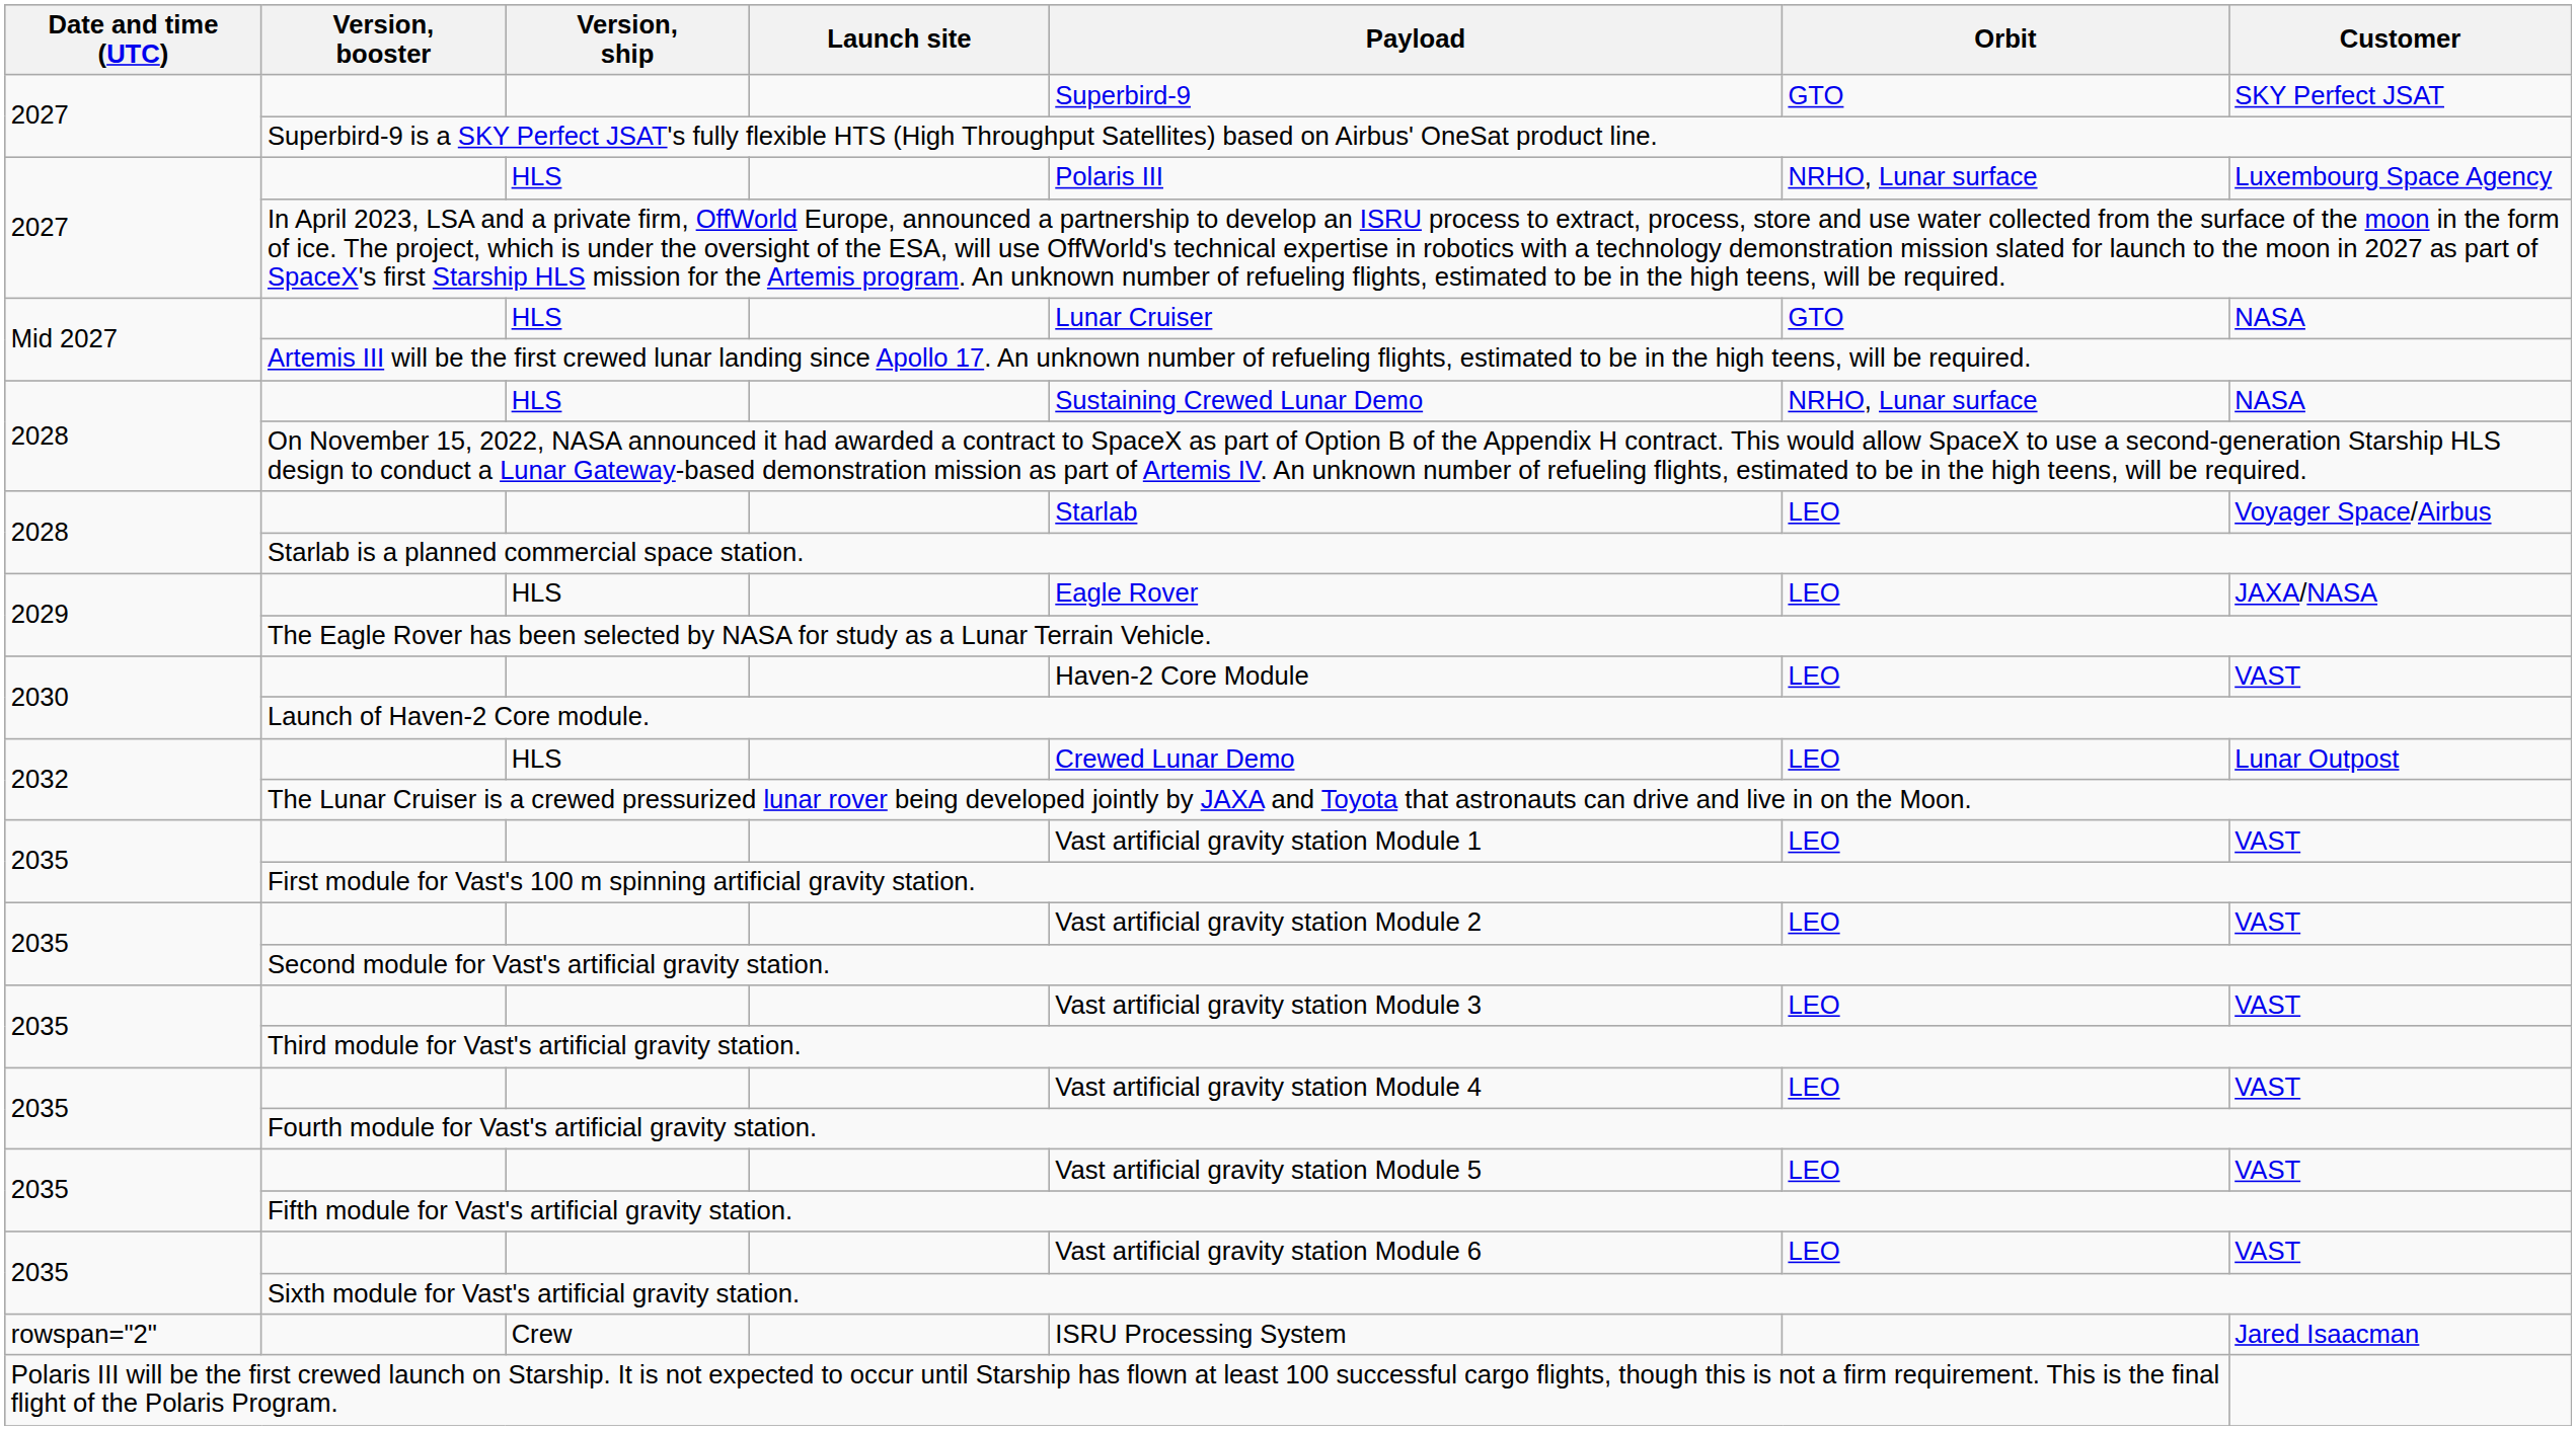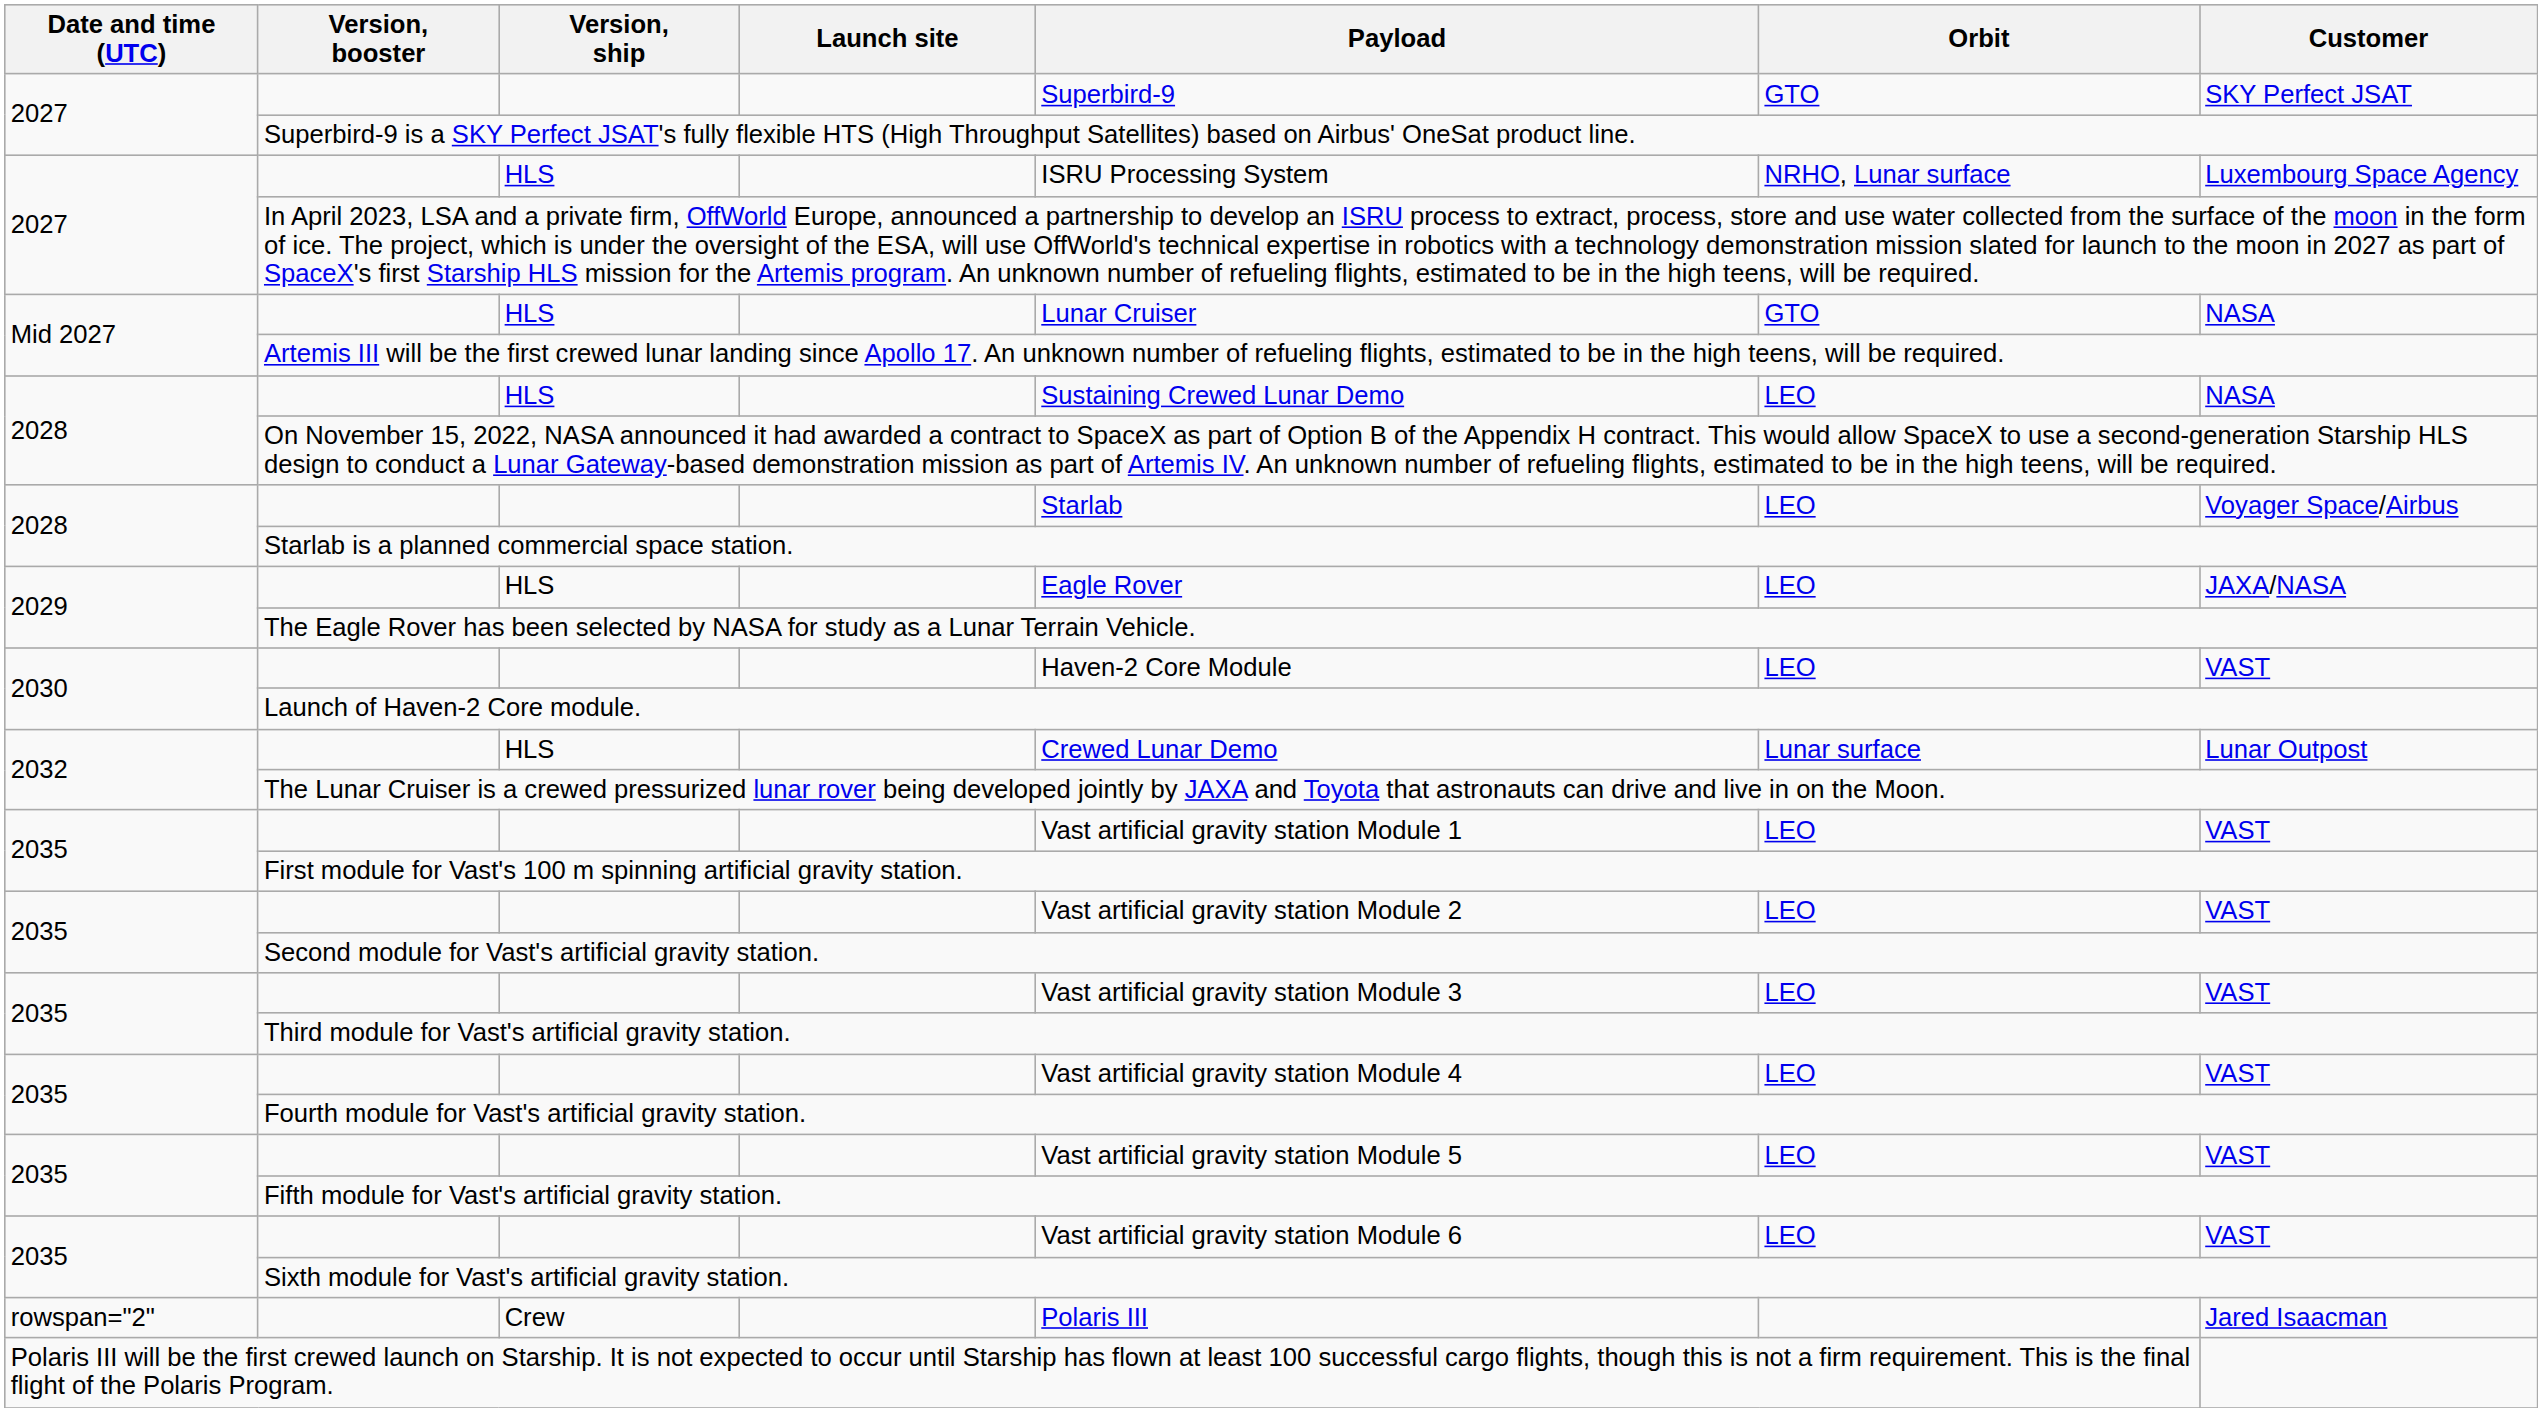 <table class="wikitable sticky-header" id="2027" style="width: 100%;">
 <tr>
 <th scope="col" style="width: 10%;">Date and time (<a href='#'>UTC</a>)</th>
 <th scope="col">Version,<br>booster</th>
 <th scope="col">Version,<br>ship</th>
 <th scope="col">Launch site</th>
 <th scope="col">Payload</th>
 <th scope="col">Orbit</th>
 <th scope="col">Customer</th>
 </tr>
 <tr>
 <td rowspan=2>2027</td>
 <td></td>
 <td></td>
 <td></td>
 <td><a href='#'>Superbird-9</a></td>
 <td><a href='#'>GTO</a></td>
 <td><a href='#'>SKY Perfect JSAT</a></td>
 </tr>
 <tr>
 <td colspan="6">Superbird-9 is a <a href='#'>SKY Perfect JSAT</a>'s fully flexible HTS (High Throughput Satellites) based on Airbus' OneSat product line.</td>
 </tr>
 <tr>
 <td rowspan=2>2027</td>
 <td></td>
 <td><a href='#'>HLS</a></td>
 <td></td>
-<td><a href='#'>Polaris III</a></td>
+<td>ISRU Processing System </td>
 <td><a href='#'>NRHO</a>, <a href='#'>Lunar surface</a></td>
 <td><a href='#'>Luxembourg Space Agency</a></td>
 </tr>
 <tr>
 <td colspan="6">In April 2023, LSA and a private firm, <a href='#'>OffWorld</a> Europe, announced a partnership to develop an <a href='#'>ISRU</a> process to extract, process, store and use water collected from the surface of the <a href='#'>moon</a> in the form of ice. The project, which is under the oversight of the ESA, will use OffWorld's technical expertise in robotics with a technology demonstration mission slated for launch to the moon in 2027 as part of <a href='#'>SpaceX</a>'s first <a href='#'>Starship HLS</a> mission for the <a href='#'>Artemis program</a>. An unknown number of refueling flights, estimated to be in the high teens, will be required.</td>
 </tr>
 <tr>
 <td rowspan="2">Mid 2027</td>
 <td></td>
 <td><a href='#'>HLS</a></td>
 <td></td>
 <td><a href='#'>Lunar Cruiser</a> </td>
 <td><a href='#'>GTO</a></td>
 <td><a href='#'>NASA</a></td>
 </tr>
 <tr>
 <td colspan="6"><a href='#'>Artemis III</a> will be the first crewed lunar landing since <a href='#'>Apollo 17</a>. An unknown number of refueling flights, estimated to be in the high teens, will be required.</td>
 </tr>
 <tr>
 <td rowspan=2>2028</td>
 <td></td>
 <td><a href='#'>HLS</a></td>
 <td></td>
 <td><a href='#'>Sustaining Crewed Lunar Demo</a></td>
-<td><a href='#'>NRHO</a>, <a href='#'>Lunar surface</a></td>
+<td><a href='#'>LEO</a></td>
 <td><a href='#'>NASA</a></td>
 </tr>
 <tr>
 <td colspan="6">On November 15, 2022, NASA announced it had awarded a contract to SpaceX as part of Option B of the Appendix H contract. This would allow SpaceX to use a second-generation Starship HLS design to conduct a <a href='#'>Lunar Gateway</a>-based demonstration mission as part of <a href='#'>Artemis IV</a>. An unknown number of refueling flights, estimated to be in the high teens, will be required.</td>
 </tr>
 <tr>
 <td rowspan=2>2028</td>
 <td></td>
 <td></td>
 <td></td>
 <td><a href='#'>Starlab</a></td>
 <td><a href='#'>LEO</a></td>
 <td><a href='#'>Voyager Space</a>/<a href='#'>Airbus</a></td>
 </tr>
 <tr>
 <td colspan="6">Starlab is a planned commercial space station.</td>
 </tr>
 <tr>
 <td rowspan="2">2029</td>
 <td></td>
 <td>HLS</td>
 <td></td>
 <td><a href='#'>Eagle Rover</a> </td>
 <td><a href='#'>LEO</a></td>
 <td><a href='#'>JAXA</a>/<a href='#'>NASA</a></td>
 </tr>
 <tr>
 <td colspan="6">The Eagle Rover has been selected by NASA for study as a Lunar Terrain Vehicle.</td>
 </tr>
 <tr>
 <td rowspan="2">2030</td>
 <td></td>
 <td></td>
 <td></td>
 <td>Haven-2 Core Module</td>
 <td><a href='#'>LEO</a></td>
 <td><a href='#'>VAST</a></td>
 </tr>
 <tr>
 <td colspan="6">Launch of Haven-2 Core module.</td>
 </tr>
 <tr>
 <td rowspan="2">2032</td>
 <td></td>
 <td>HLS</td>
 <td></td>
 <td><a href='#'>Crewed Lunar Demo</a></td>
-<td><a href='#'>LEO</a></td>
+<td><a href='#'>Lunar surface</a></td>
 <td><a href='#'>Lunar Outpost</a></td>
 </tr>
 <tr>
 <td colspan="6">The Lunar Cruiser is a crewed pressurized <a href='#'>lunar rover</a> being developed jointly by <a href='#'>JAXA</a> and <a href='#'>Toyota</a> that astronauts can drive and live in on the Moon.</td>
 </tr>
 <tr>
 <td rowspan="2">2035</td>
 <td></td>
 <td></td>
 <td></td>
 <td>Vast artificial gravity station Module 1</td>
 <td><a href='#'>LEO</a></td>
 <td><a href='#'>VAST</a></td>
 </tr>
 <tr>
 <td colspan="6">First module for Vast's 100 m spinning artificial gravity station.</td>
 </tr>
 <tr>
 <td rowspan="2">2035</td>
 <td></td>
 <td></td>
 <td></td>
 <td>Vast artificial gravity station Module 2</td>
 <td><a href='#'>LEO</a></td>
 <td><a href='#'>VAST</a></td>
 </tr>
 <tr>
 <td colspan="6">Second module for Vast's artificial gravity station.</td>
 </tr>
 <tr>
 <td rowspan="2">2035</td>
 <td></td>
 <td></td>
 <td></td>
 <td>Vast artificial gravity station Module 3</td>
 <td><a href='#'>LEO</a></td>
 <td><a href='#'>VAST</a></td>
 </tr>
 <tr>
 <td colspan="6">Third module for Vast's artificial gravity station.</td>
 </tr>
 <tr>
 <td rowspan="2">2035</td>
 <td></td>
 <td></td>
 <td></td>
 <td>Vast artificial gravity station Module 4</td>
 <td><a href='#'>LEO</a></td>
 <td><a href='#'>VAST</a></td>
 </tr>
 <tr>
 <td colspan="6">Fourth module for Vast's artificial gravity station.</td>
 </tr>
 <tr>
 <td rowspan="2">2035</td>
 <td></td>
 <td></td>
 <td></td>
 <td>Vast artificial gravity station Module 5</td>
 <td><a href='#'>LEO</a></td>
 <td><a href='#'>VAST</a></td>
 </tr>
 <tr>
 <td colspan="6">Fifth module for Vast's artificial gravity station.</td>
 </tr>
 <tr>
 <td rowspan="2">2035</td>
 <td></td>
 <td></td>
 <td></td>
 <td>Vast artificial gravity station Module 6</td>
 <td><a href='#'>LEO</a></td>
 <td><a href='#'>VAST</a></td>
 </tr>
 <tr>
 <td colspan="6">Sixth module for Vast's artificial gravity station.</td>
 </tr>
 <tr>
 <td>rowspan="2" </td>
 <td></td>
 <td>Crew</td>
 <td></td>
-<td>ISRU Processing System </td>
+<td><a href='#'>Polaris III</a></td>
 <td></td>
 <td><a href='#'>Jared Isaacman</a></td>
 </tr>
 <tr>
 <td colspan="6">Polaris III will be the first crewed launch on Starship. It is not expected to occur until Starship has flown at least 100 successful cargo flights, though this is not a firm requirement. This is the final flight of the Polaris Program.</td>
 </tr>
 </table>
